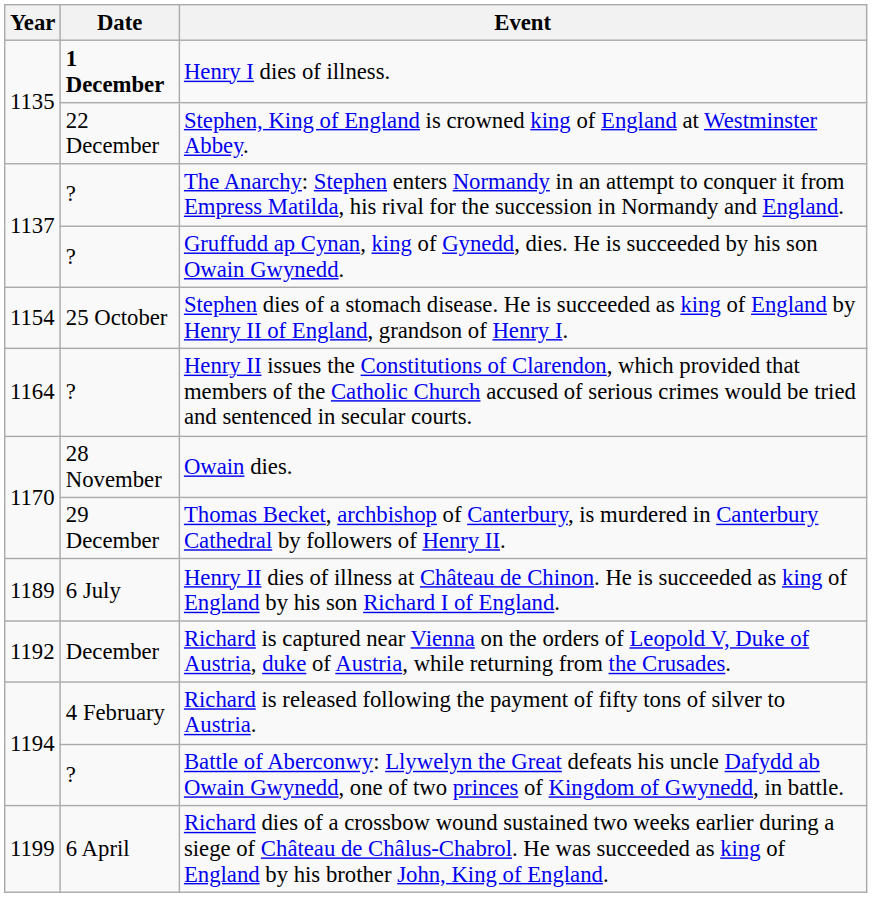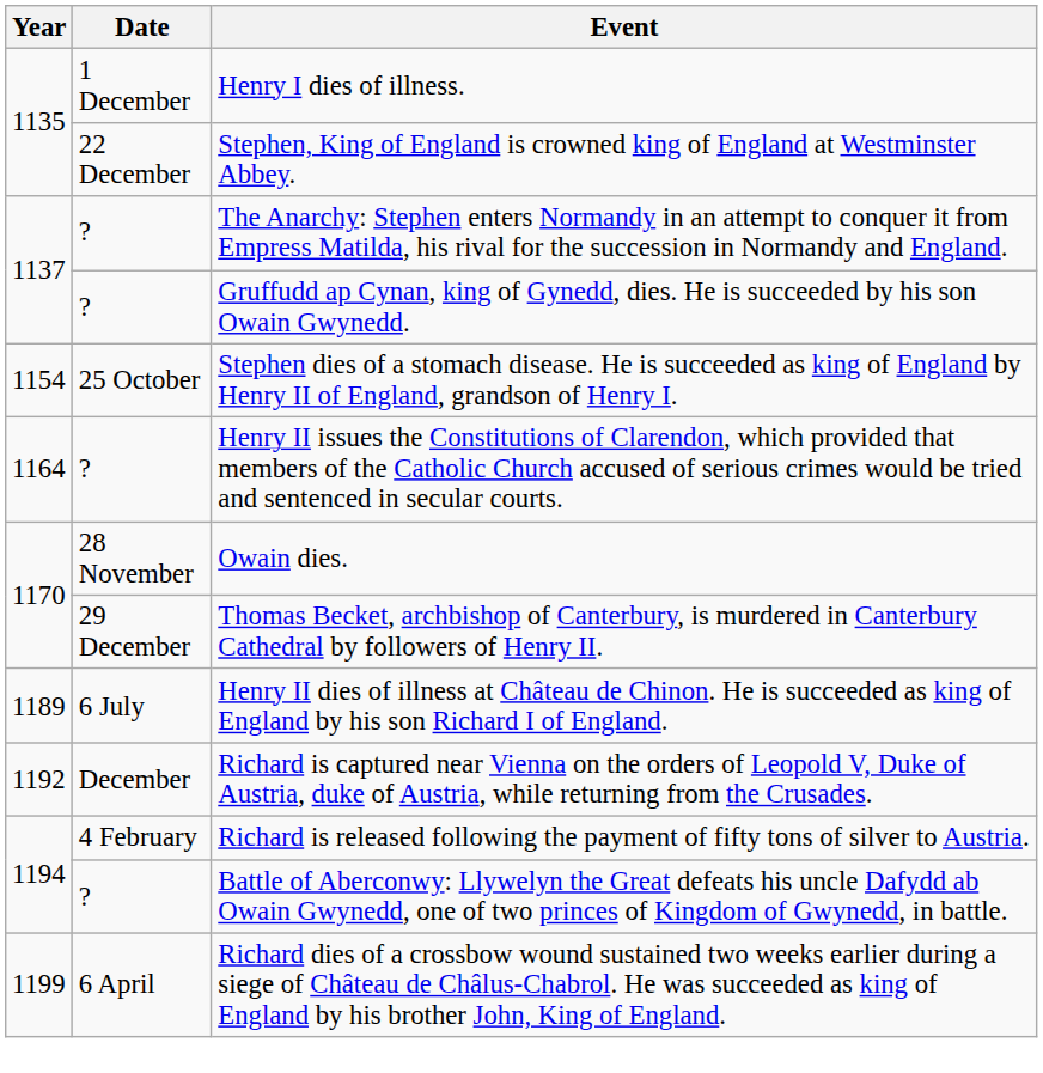 <table class="wikitable">
 <tr>
 <th>Year</th>
 <th>Date</th>
 <th>Event</th>
 </tr>
 <tr>
 <td rowspan="2">1135</td>
-<td><strong>1 December</strong></td>
+<td>1 December</td>
 <td><a href='#'>Henry I</a> dies of illness.</td>
 </tr>
 <tr>
 <td>22 December</td>
 <td><a href='#'>Stephen, King of England</a> is crowned <a href='#'>king</a> of <a href='#'>England</a> at <a href='#'>Westminster Abbey</a>.</td>
 </tr>
 <tr>
 <td rowspan="2">1137</td>
 <td>?</td>
 <td><a href='#'>The Anarchy</a>: <a href='#'>Stephen</a> enters <a href='#'>Normandy</a> in an attempt to conquer it from <a href='#'>Empress Matilda</a>, his rival for the succession in Normandy and <a href='#'>England</a>.</td>
 </tr>
 <tr>
 <td>?</td>
 <td><a href='#'>Gruffudd ap Cynan</a>, <a href='#'>king</a> of <a href='#'>Gynedd</a>, dies. He is succeeded by his son <a href='#'>Owain Gwynedd</a>.</td>
 </tr>
 <tr>
 <td>1154</td>
 <td>25 October</td>
 <td><a href='#'>Stephen</a> dies of a stomach disease. He is succeeded as <a href='#'>king</a> of <a href='#'>England</a> by <a href='#'>Henry II of England</a>, grandson of <a href='#'>Henry I</a>.</td>
 </tr>
 <tr>
 <td>1164</td>
 <td>?</td>
 <td><a href='#'>Henry II</a> issues the <a href='#'>Constitutions of Clarendon</a>, which provided that members of the <a href='#'>Catholic Church</a> accused of serious crimes would be tried and sentenced in secular courts.</td>
 </tr>
 <tr>
 <td rowspan="2">1170</td>
 <td>28 November</td>
 <td><a href='#'>Owain</a> dies.</td>
 </tr>
 <tr>
 <td>29 December</td>
 <td><a href='#'>Thomas Becket</a>, <a href='#'>archbishop</a> of <a href='#'>Canterbury</a>, is murdered in <a href='#'>Canterbury Cathedral</a> by followers of <a href='#'>Henry II</a>.</td>
 </tr>
 <tr>
 <td>1189</td>
 <td>6 July</td>
 <td><a href='#'>Henry II</a> dies of illness at <a href='#'>Château de Chinon</a>. He is succeeded as <a href='#'>king</a> of <a href='#'>England</a> by his son <a href='#'>Richard I of England</a>.</td>
 </tr>
 <tr>
 <td>1192</td>
 <td>December</td>
 <td><a href='#'>Richard</a> is captured near <a href='#'>Vienna</a> on the orders of <a href='#'>Leopold V, Duke of Austria</a>, <a href='#'>duke</a> of <a href='#'>Austria</a>, while returning from <a href='#'>the Crusades</a>.</td>
 </tr>
 <tr>
 <td rowspan="2">1194</td>
 <td>4 February</td>
 <td><a href='#'>Richard</a> is released following the payment of fifty tons of silver to <a href='#'>Austria</a>.</td>
 </tr>
 <tr>
 <td>?</td>
 <td><a href='#'>Battle of Aberconwy</a>: <a href='#'>Llywelyn the Great</a> defeats his uncle <a href='#'>Dafydd ab Owain Gwynedd</a>, one of two <a href='#'>princes</a> of <a href='#'>Kingdom of Gwynedd</a>, in battle.</td>
 </tr>
 <tr>
 <td>1199</td>
 <td>6 April</td>
 <td><a href='#'>Richard</a> dies of a crossbow wound sustained two weeks earlier during a siege of <a href='#'>Château de Châlus-Chabrol</a>.  He was succeeded as <a href='#'>king</a> of <a href='#'>England</a> by his brother <a href='#'>John, King of England</a>.</td>
 </tr>
 </table>
